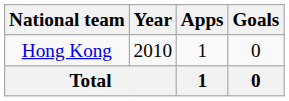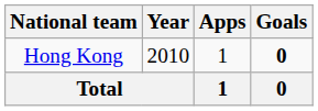 <table class="wikitable" style="text-align:center">
 <tr>
 <th>National team</th>
 <th>Year</th>
 <th>Apps</th>
 <th>Goals</th>
 </tr>
 <tr>
 <td rowspan="1"><a href='#'>Hong Kong</a></td>
 <td>2010</td>
 <td>1</td>
-<td>0</td>
+<td><strong>0</strong></td>
 </tr>
 <tr>
 <th colspan=2>Total</th>
 <th>1</th>
 <th>0</th>
 </tr>
 </table>
